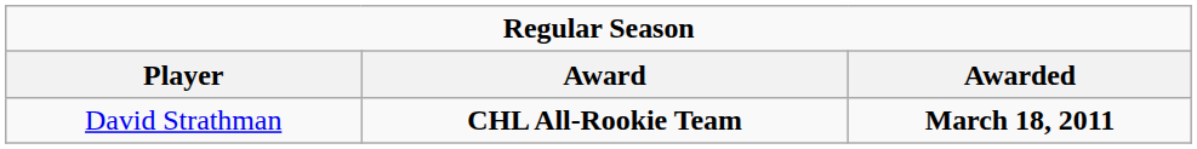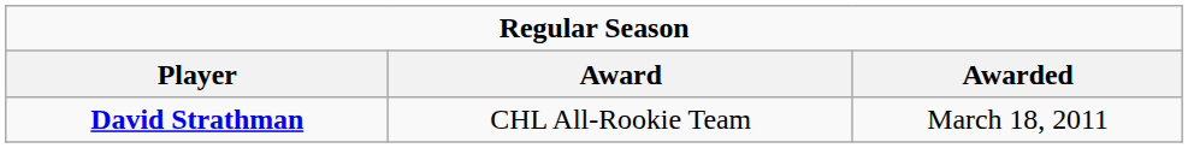 <table class="wikitable" width="52%" style="text-align:center">
 <tr>
 <td colspan="10" align="center"><strong>Regular Season</strong></td>
 </tr>
 <tr>
 <th>Player</th>
 <th>Award</th>
 <th>Awarded</th>
 </tr>
 <tr>
-<td><a href='#'>David Strathman</a></td>
-<td><strong>CHL All-Rookie Team</strong></td>
-<td><strong>March 18, 2011</strong></td>
+<td><strong><a href='#'>David Strathman</a></strong></td>
+<td>CHL All-Rookie Team</td>
+<td>March 18, 2011</td>
 </tr>
 </table>
